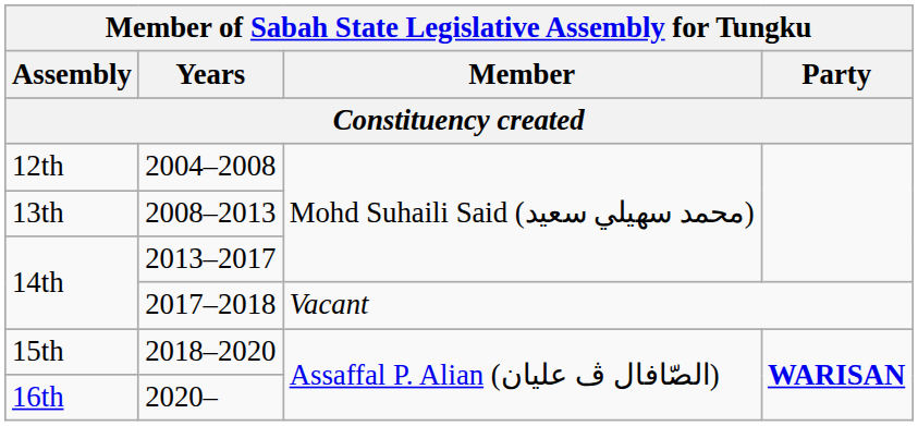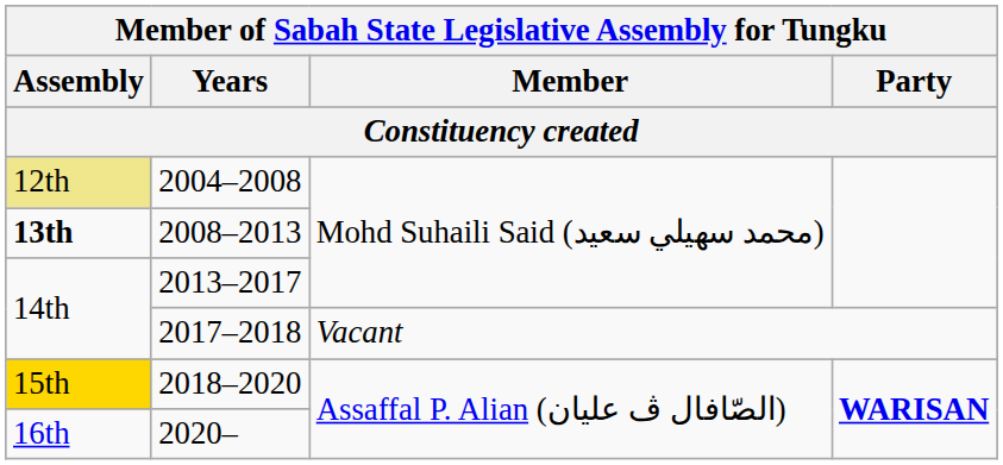 <table class="wikitable">
 <tr>
 <th colspan="4">Member of <a href='#'>Sabah State Legislative Assembly</a> for Tungku</th>
 </tr>
 <tr>
 <th>Assembly</th>
 <th>Years</th>
 <th>Member</th>
 <th>Party</th>
 </tr>
 <tr>
 <th colspan="4" align="center"><em>Constituency created</em></th>
 </tr>
 <tr>
-<td>12th</td>
+<td style="background: khaki;">12th</td>
 <td>2004–2008</td>
 <td rowspan="3">Mohd Suhaili Said (محمد سهيلي سعيد)</td>
 <td rowspan=3></td>
 </tr>
 <tr>
-<td>13th</td>
+<td><strong>13th</strong></td>
 <td>2008–2013</td>
 </tr>
 <tr>
 <td rowspan="2">14th</td>
 <td>2013–2017</td>
 </tr>
 <tr>
 <td>2017–2018</td>
 <td colspan="2"><em>Vacant</em></td>
 </tr>
 <tr>
-<td>15th</td>
+<td style="background: gold;">15th</td>
 <td>2018–2020</td>
 <td rowspan="2"><a href='#'>Assaffal P. Alian</a> (الصّافال ڤ عليان)</td>
 <td rowspan=2><strong><a href='#'>WARISAN</a></strong></td>
 </tr>
 <tr>
 <td><a href='#'>16th</a></td>
 <td>2020–</td>
 </tr>
 </table>
